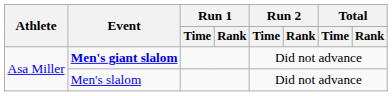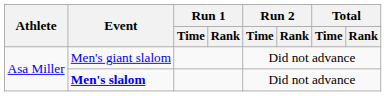 <table class=wikitable style=font-size:90%;text-align:center>
 <tr>
 <th rowspan=2>Athlete</th>
 <th rowspan=2>Event</th>
 <th colspan=2>Run 1</th>
 <th colspan=2>Run 2</th>
 <th colspan=2>Total</th>
 </tr>
 <tr style="font-size:95%">
 <th>Time</th>
 <th>Rank</th>
 <th>Time</th>
 <th>Rank</th>
 <th>Time</th>
 <th>Rank</th>
 </tr>
 <tr>
 <td rowspan=2 align=left><a href='#'>Asa Miller</a></td>
-<td align=left><strong><a href='#'>Men's giant slalom</a></strong></td>
+<td align=left><a href='#'>Men's giant slalom</a></td>
 <td colspan=2></td>
 <td colspan=4>Did not advance</td>
 </tr>
 <tr>
-<td align=left><a href='#'>Men's slalom</a></td>
+<td align=left><strong><a href='#'>Men's slalom</a></strong></td>
 <td colspan=2></td>
 <td colspan=4>Did not advance</td>
 </tr>
 </table>
